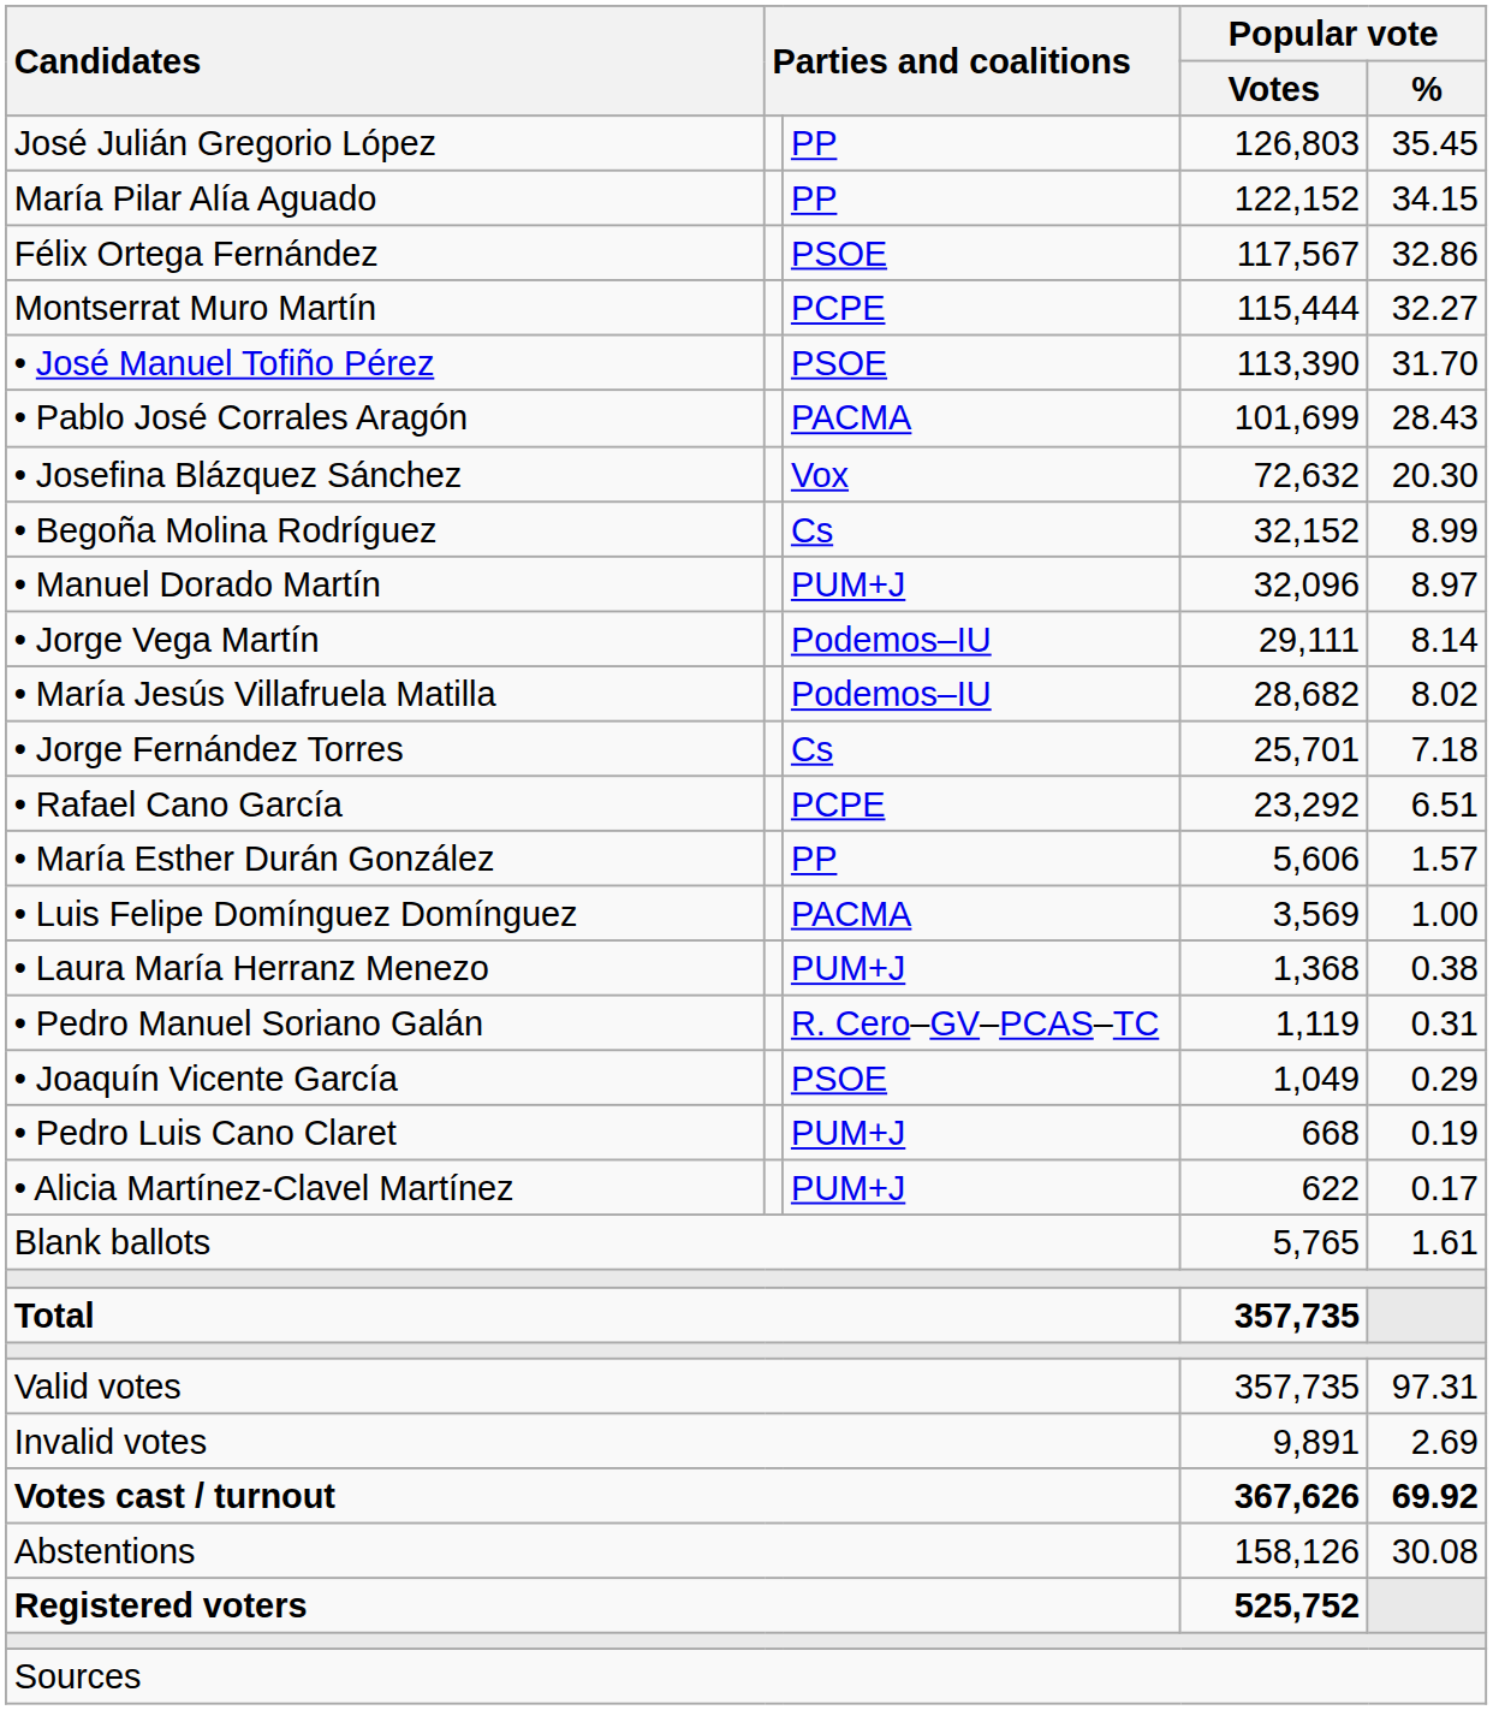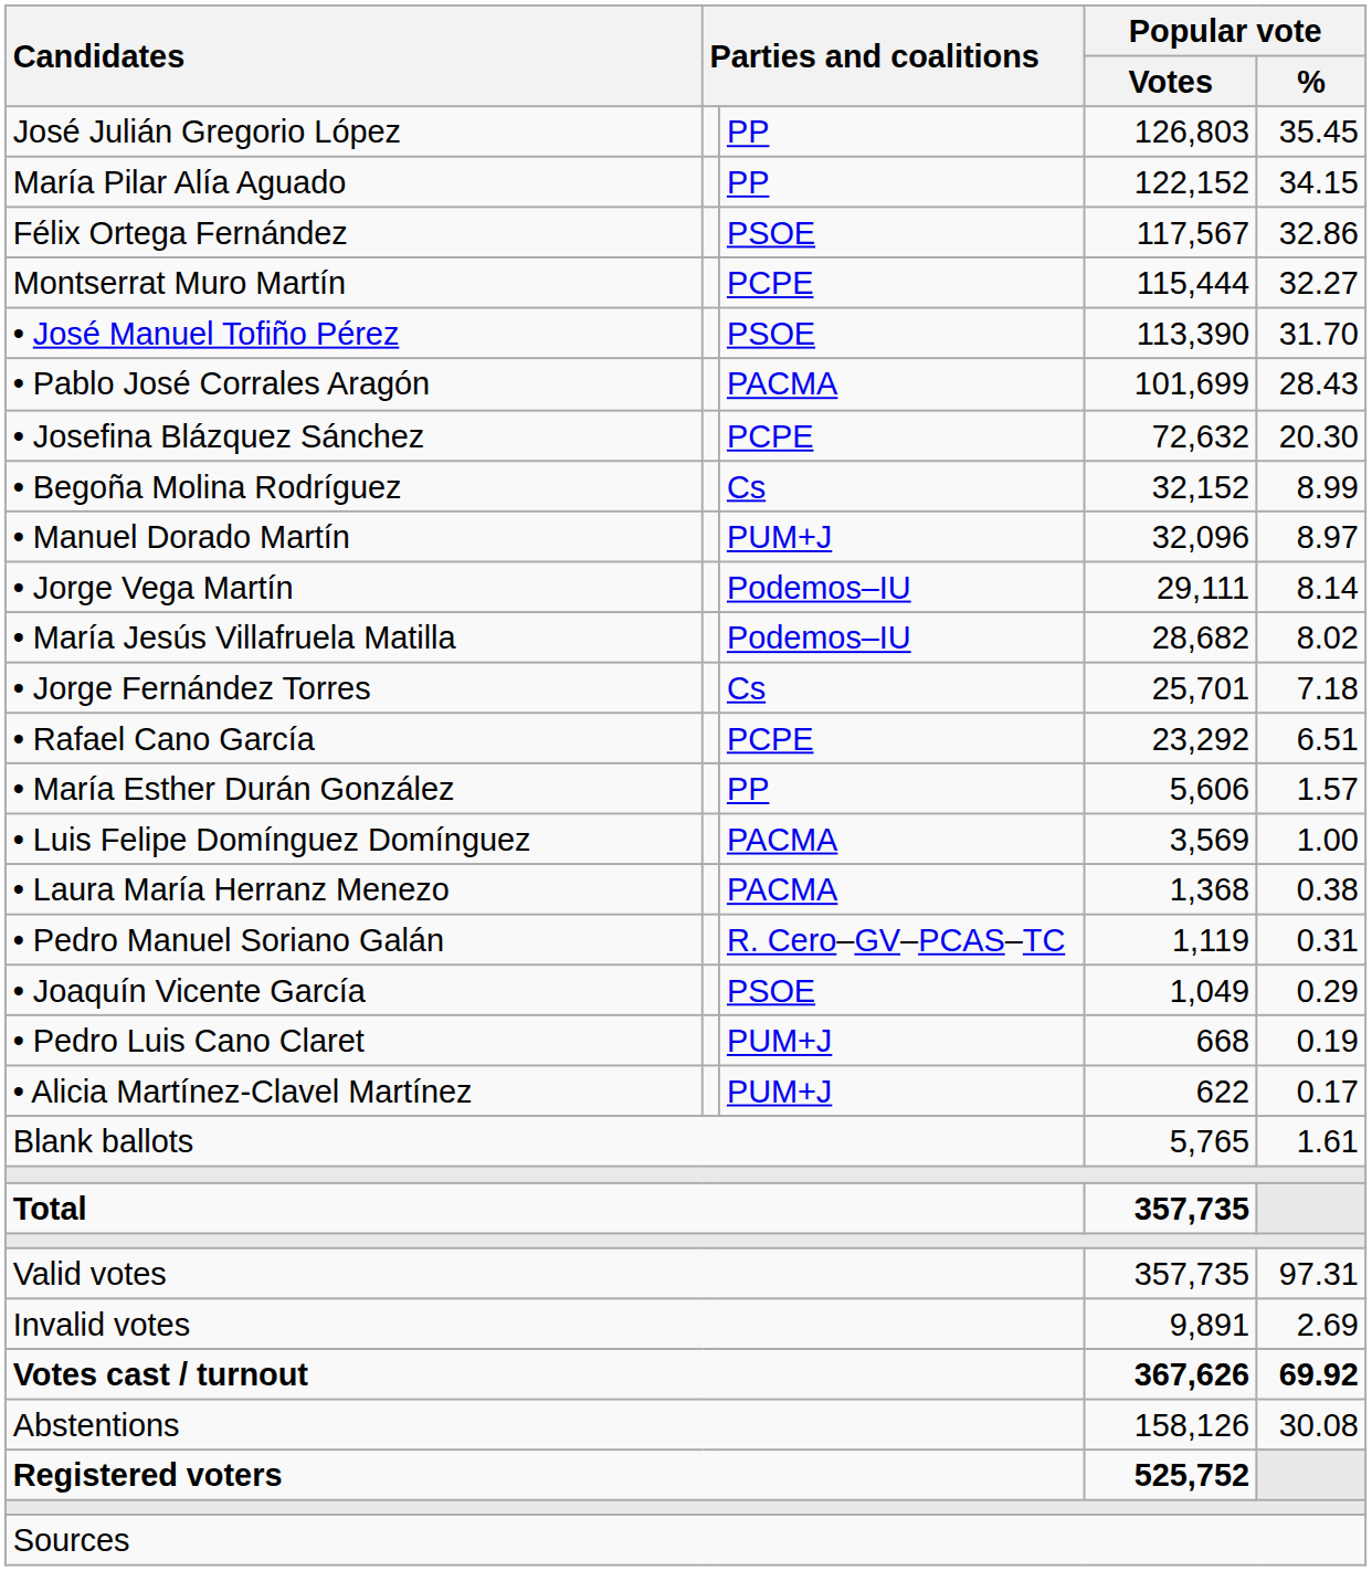 <table class="wikitable" style="text-align:right; font-size:95%;">
 <tr>
 <th style="text-align:left;" rowspan="2" width="325">Candidates</th>
 <th style="text-align:left;" rowspan="2" colspan="2" width="175">Parties and coalitions</th>
 <th colspan="2">Popular vote</th>
 </tr>
 <tr>
 <th width="75">Votes</th>
 <th width="45">%</th>
 </tr>
 <tr>
 <td align="left"> José Julián Gregorio López</td>
 <td width="1" style="color:inherit;background:"></td>
 <td align="left"><a href='#'>PP</a></td>
 <td>126,803</td>
 <td>35.45</td>
 </tr>
 <tr>
 <td align="left"> María Pilar Alía Aguado</td>
 <td style="color:inherit;background:"></td>
 <td align="left"><a href='#'>PP</a></td>
 <td>122,152</td>
 <td>34.15</td>
 </tr>
 <tr>
 <td align="left"> Félix Ortega Fernández</td>
 <td style="color:inherit;background:"></td>
 <td align="left"><a href='#'>PSOE</a></td>
 <td>117,567</td>
 <td>32.86</td>
 </tr>
 <tr>
 <td align="left"> Montserrat Muro Martín</td>
 <td style="color:inherit;background:"></td>
 <td align="left"><a href='#'>PCPE</a></td>
 <td>115,444</td>
 <td>32.27</td>
 </tr>
 <tr>
 <td align="left">• <a href='#'>José Manuel Tofiño Pérez</a></td>
 <td style="color:inherit;background:"></td>
 <td align="left"><a href='#'>PSOE</a></td>
 <td>113,390</td>
 <td>31.70</td>
 </tr>
 <tr>
 <td align="left">• Pablo José Corrales Aragón</td>
 <td style="color:inherit;background:"></td>
 <td align="left"><a href='#'>PACMA</a></td>
 <td>101,699</td>
 <td>28.43</td>
 </tr>
 <tr>
 <td align="left">• Josefina Blázquez Sánchez</td>
 <td style="color:inherit;background:"></td>
-<td align="left"><a href='#'>Vox</a></td>
+<td align="left"><a href='#'>PCPE</a></td>
 <td>72,632</td>
 <td>20.30</td>
 </tr>
 <tr>
 <td align="left">• Begoña Molina Rodríguez</td>
 <td style="color:inherit;background:"></td>
 <td align="left"><a href='#'>Cs</a></td>
 <td>32,152</td>
 <td>8.99</td>
 </tr>
 <tr>
 <td align="left">• Manuel Dorado Martín</td>
 <td style="color:inherit;background:"></td>
 <td align="left"><a href='#'>PUM+J</a></td>
 <td>32,096</td>
 <td>8.97</td>
 </tr>
 <tr>
 <td align="left">• Jorge Vega Martín</td>
 <td style="color:inherit;background:"></td>
 <td align="left"><a href='#'>Podemos–IU</a></td>
 <td>29,111</td>
 <td>8.14</td>
 </tr>
 <tr>
 <td align="left">• María Jesús Villafruela Matilla</td>
 <td style="color:inherit;background:"></td>
 <td align="left"><a href='#'>Podemos–IU</a></td>
 <td>28,682</td>
 <td>8.02</td>
 </tr>
 <tr>
 <td align="left">• Jorge Fernández Torres</td>
 <td style="color:inherit;background:"></td>
 <td align="left"><a href='#'>Cs</a></td>
 <td>25,701</td>
 <td>7.18</td>
 </tr>
 <tr>
 <td align="left">• Rafael Cano García</td>
 <td style="color:inherit;background:"></td>
 <td align="left"><a href='#'>PCPE</a></td>
 <td>23,292</td>
 <td>6.51</td>
 </tr>
 <tr>
 <td align="left">• María Esther Durán González</td>
 <td style="color:inherit;background:"></td>
 <td align="left"><a href='#'>PP</a></td>
 <td>5,606</td>
 <td>1.57</td>
 </tr>
 <tr>
 <td align="left">• Luis Felipe Domínguez Domínguez</td>
 <td style="color:inherit;background:"></td>
 <td align="left"><a href='#'>PACMA</a></td>
 <td>3,569</td>
 <td>1.00</td>
 </tr>
 <tr>
 <td align="left">• Laura María Herranz Menezo</td>
 <td style="color:inherit;background:"></td>
-<td align="left"><a href='#'>PUM+J</a></td>
+<td align="left"><a href='#'>PACMA</a></td>
 <td>1,368</td>
 <td>0.38</td>
 </tr>
 <tr>
 <td align="left">• Pedro Manuel Soriano Galán</td>
 <td style="color:inherit;background:"></td>
 <td align="left"><a href='#'>R. Cero</a>–<a href='#'>GV</a>–<a href='#'>PCAS</a>–<a href='#'>TC</a></td>
 <td>1,119</td>
 <td>0.31</td>
 </tr>
 <tr>
 <td align="left">• Joaquín Vicente García</td>
 <td style="color:inherit;background:"></td>
 <td align="left"><a href='#'>PSOE</a></td>
 <td>1,049</td>
 <td>0.29</td>
 </tr>
 <tr>
 <td align="left">• Pedro Luis Cano Claret</td>
 <td style="color:inherit;background:"></td>
 <td align="left"><a href='#'>PUM+J</a></td>
 <td>668</td>
 <td>0.19</td>
 </tr>
 <tr>
 <td align="left">• Alicia Martínez-Clavel Martínez</td>
 <td style="color:inherit;background:"></td>
 <td align="left"><a href='#'>PUM+J</a></td>
 <td>622</td>
 <td>0.17</td>
 </tr>
 <tr>
 <td align="left" colspan="3">Blank ballots</td>
 <td>5,765</td>
 <td>1.61</td>
 </tr>
 <tr>
 <td colspan="5" bgcolor="#E9E9E9"></td>
 </tr>
 <tr style="font-weight:bold;">
 <td align="left" colspan="3">Total</td>
 <td>357,735</td>
 <td bgcolor="#E9E9E9"></td>
 </tr>
 <tr>
 <td colspan="5" bgcolor="#E9E9E9"></td>
 </tr>
 <tr>
 <td align="left" colspan="3">Valid votes</td>
 <td>357,735</td>
 <td>97.31</td>
 </tr>
 <tr>
 <td align="left" colspan="3">Invalid votes</td>
 <td>9,891</td>
 <td>2.69</td>
 </tr>
 <tr style="font-weight:bold;">
 <td align="left" colspan="3">Votes cast / turnout</td>
 <td>367,626</td>
 <td>69.92</td>
 </tr>
 <tr>
 <td align="left" colspan="3">Abstentions</td>
 <td>158,126</td>
 <td>30.08</td>
 </tr>
 <tr style="font-weight:bold;">
 <td align="left" colspan="3">Registered voters</td>
 <td>525,752</td>
 <td bgcolor="#E9E9E9"></td>
 </tr>
 <tr>
 <td colspan="5" bgcolor="#E9E9E9"></td>
 </tr>
 <tr>
 <td align="left" colspan="5">Sources</td>
 </tr>
 </table>
